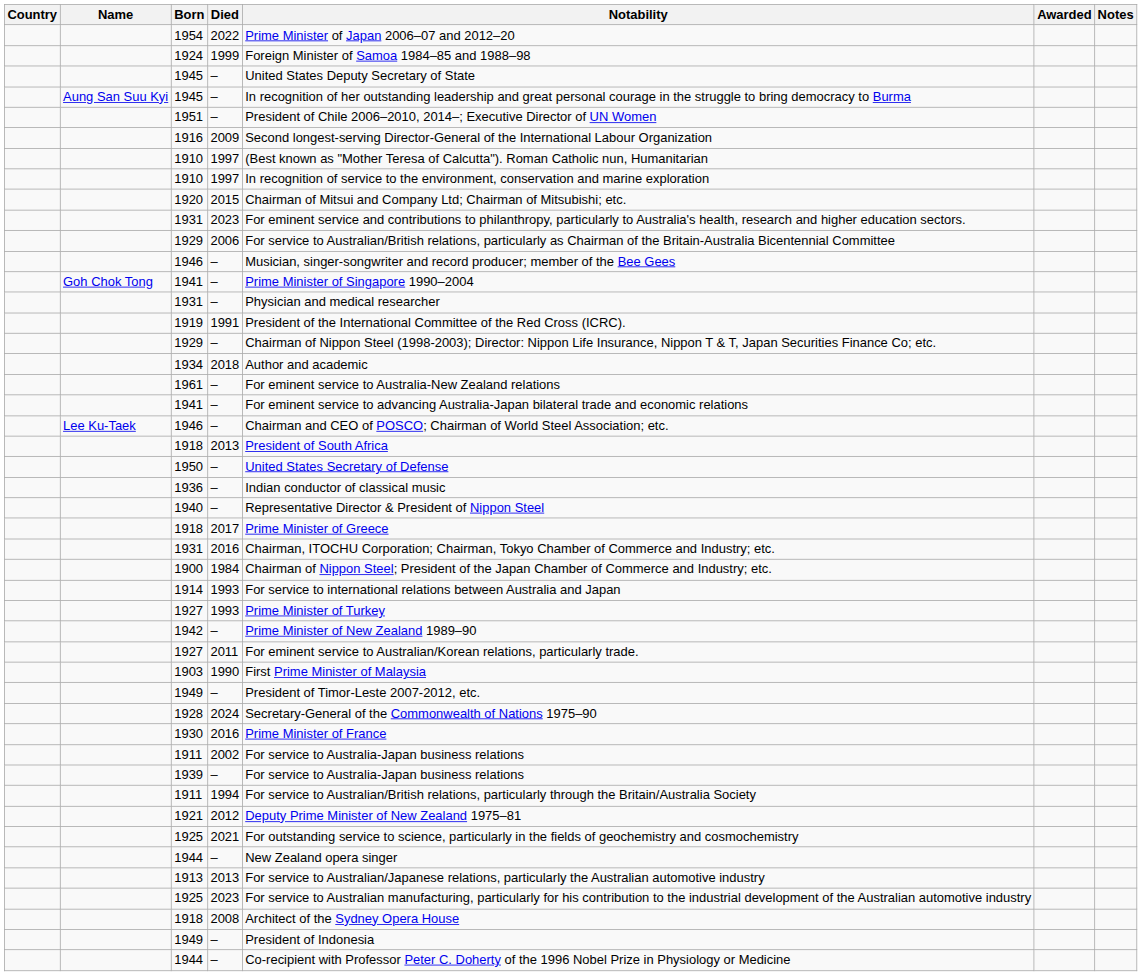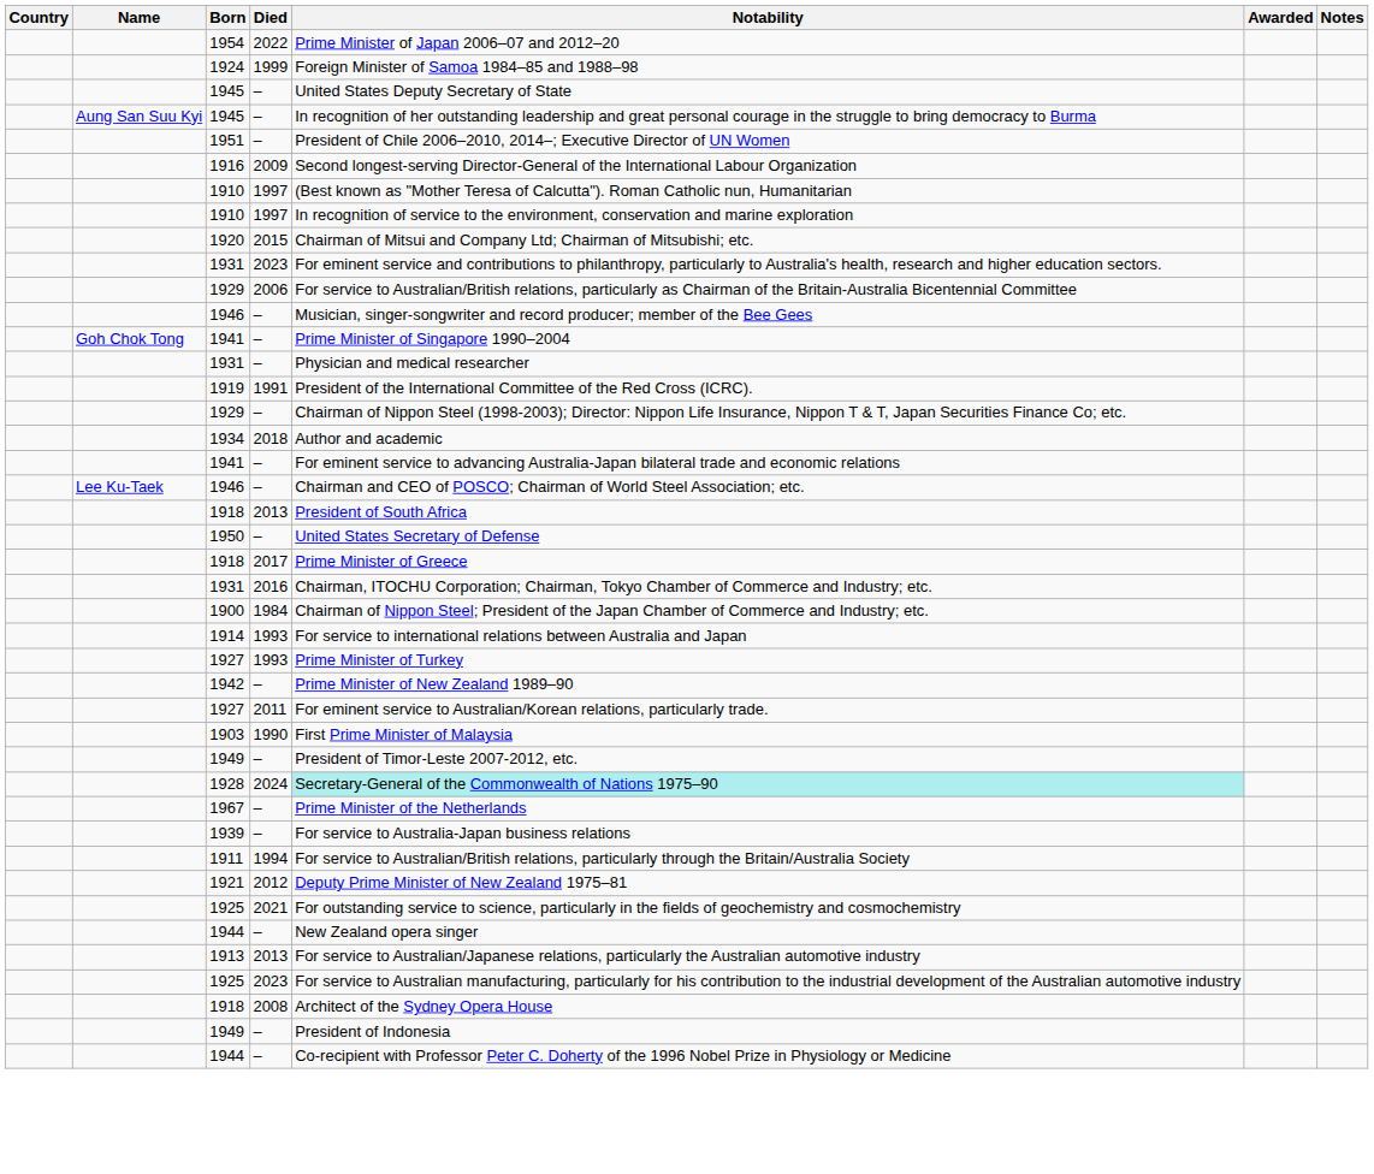 <table class="wikitable sortable" style="text-| align: left">
 <tr>
 <th>Country</th>
 <th>Name</th>
 <th>Born</th>
 <th>Died</th>
 <th class="unsortable">Notability</th>
 <th>Awarded</th>
 <th class="unsortable">Notes</th>
 </tr>
 <tr>
 <td align="center"></td>
 <td></td>
 <td>1954</td>
 <td>2022</td>
 <td><a href='#'>Prime Minister</a> of <a href='#'>Japan</a> 2006–07 and 2012–20</td>
 <td></td>
 <td></td>
 </tr>
 <tr>
 <td align="center"></td>
 <td></td>
 <td>1924</td>
 <td>1999</td>
 <td>Foreign Minister of <a href='#'>Samoa</a> 1984–85 and 1988–98</td>
 <td></td>
 <td></td>
 </tr>
 <tr>
 <td align="center"></td>
 <td></td>
 <td>1945</td>
 <td>–</td>
 <td>United States Deputy Secretary of State</td>
 <td></td>
 <td></td>
 </tr>
 <tr>
 <td align="center"></td>
 <td><a href='#'>Aung San Suu Kyi</a></td>
 <td>1945</td>
 <td>–</td>
 <td>In recognition of her outstanding leadership and great personal courage in the struggle to bring democracy to <a href='#'>Burma</a></td>
 <td></td>
 <td></td>
 </tr>
 <tr>
 <td align="center"></td>
 <td></td>
 <td>1951</td>
 <td>–</td>
 <td>President of Chile 2006–2010, 2014–; Executive Director of <a href='#'>UN Women</a></td>
 <td></td>
 <td></td>
 </tr>
 <tr>
 <td align="center"></td>
 <td></td>
 <td>1916</td>
 <td>2009</td>
 <td>Second longest-serving Director-General of the International Labour Organization</td>
 <td></td>
 <td></td>
 </tr>
 <tr>
 <td align="center"></td>
 <td></td>
 <td>1910</td>
 <td>1997</td>
 <td>(Best known as "Mother Teresa of Calcutta"). Roman Catholic nun, Humanitarian</td>
 <td></td>
 <td></td>
 </tr>
 <tr>
 <td align="center"></td>
 <td></td>
 <td>1910</td>
 <td>1997</td>
 <td>In recognition of service to the environment, conservation and marine exploration</td>
 <td></td>
 <td></td>
 </tr>
 <tr>
 <td align="center"></td>
 <td> </td>
 <td>1920</td>
 <td>2015</td>
 <td>Chairman of Mitsui and Company Ltd; Chairman of Mitsubishi; etc.</td>
 <td></td>
 <td></td>
 </tr>
 <tr>
 <td align="center"></td>
 <td></td>
 <td>1931</td>
 <td>2023</td>
 <td>For eminent service and contributions to philanthropy, particularly to Australia's health, research and higher education sectors.</td>
 <td></td>
 <td></td>
 </tr>
 <tr>
 <td align="center"></td>
 <td></td>
 <td>1929</td>
 <td>2006</td>
 <td>For service to Australian/British relations, particularly as Chairman of the Britain-Australia Bicentennial Committee</td>
 <td></td>
 <td></td>
 </tr>
 <tr>
 <td align="center"></td>
 <td></td>
 <td>1946</td>
 <td>–</td>
 <td>Musician, singer-songwriter and record producer; member of the <a href='#'>Bee Gees</a></td>
 <td></td>
 <td></td>
 </tr>
 <tr>
 <td align="center"></td>
 <td><a href='#'>Goh Chok Tong</a></td>
 <td>1941</td>
 <td>–</td>
 <td><a href='#'>Prime Minister of Singapore</a> 1990–2004</td>
 <td></td>
 <td></td>
 </tr>
 <tr>
 <td align="center"></td>
 <td></td>
 <td>1931</td>
 <td>–</td>
 <td>Physician and medical researcher</td>
 <td></td>
 <td></td>
 </tr>
 <tr>
 <td align="center"></td>
 <td></td>
 <td>1919</td>
 <td>1991</td>
 <td>President of the International Committee of the Red Cross (ICRC).</td>
 <td></td>
 <td></td>
 </tr>
 <tr>
 <td align="center"></td>
 <td> </td>
 <td>1929</td>
 <td>–</td>
 <td>Chairman of Nippon Steel (1998-2003); Director: Nippon Life Insurance, Nippon T & T, Japan Securities Finance Co; etc.</td>
 <td></td>
 <td></td>
 </tr>
 <tr>
 <td align="center"></td>
 <td></td>
 <td>1934</td>
 <td>2018</td>
 <td>Author and academic</td>
 <td></td>
 <td> </td>
 </tr>
 <tr>
 <td align="center"></td>
 <td></td>
-<td>1961</td>
-<td>–</td>
-<td>For eminent service to Australia-New Zealand relations</td>
-<td></td>
-<td></td>
-</tr>
-<tr>
-<td align="center"></td>
-<td></td>
 <td>1941</td>
 <td>–</td>
 <td>For eminent service to advancing Australia-Japan bilateral trade and economic relations</td>
 <td></td>
 <td> </td>
 </tr>
 <tr>
 <td align="center"></td>
 <td><a href='#'>Lee Ku-Taek</a></td>
 <td>1946</td>
 <td>–</td>
 <td>Chairman and CEO of <a href='#'>POSCO</a>; Chairman of World Steel Association; etc.</td>
 <td></td>
 <td></td>
 </tr>
 <tr>
 <td align="center"></td>
 <td></td>
 <td>1918</td>
 <td>2013</td>
 <td><a href='#'>President of South Africa</a></td>
 <td></td>
 <td></td>
 </tr>
 <tr>
 <td align="center"></td>
 <td></td>
 <td>1950</td>
 <td>–</td>
 <td><a href='#'>United States Secretary of Defense</a></td>
-<td></td>
-<td></td>
-</tr>
-<tr>
-<td align="center"></td>
-<td></td>
-<td>1936</td>
-<td>–</td>
-<td>Indian conductor of classical music</td>
-<td></td>
-<td></td>
-</tr>
-<tr>
-<td align="center"></td>
-<td></td>
-<td>1940</td>
-<td>–</td>
-<td>Representative Director & President of <a href='#'>Nippon Steel</a></td>
 <td></td>
 <td></td>
 </tr>
 <tr>
 <td align="center"></td>
 <td></td>
 <td>1918</td>
 <td>2017</td>
 <td><a href='#'>Prime Minister of Greece</a></td>
 <td></td>
 <td></td>
 </tr>
 <tr>
 <td align="center"></td>
 <td> </td>
 <td>1931</td>
 <td>2016</td>
 <td>Chairman, ITOCHU Corporation; Chairman, Tokyo Chamber of Commerce and Industry; etc.</td>
 <td></td>
 <td></td>
 </tr>
 <tr>
 <td align="center"></td>
 <td> </td>
 <td>1900</td>
 <td>1984</td>
 <td>Chairman of <a href='#'>Nippon Steel</a>; President of the Japan Chamber of Commerce and Industry; etc.</td>
 <td></td>
 <td></td>
 </tr>
 <tr>
 <td align="center"></td>
 <td></td>
 <td>1914</td>
 <td>1993</td>
 <td>For service to international relations between Australia and Japan</td>
 <td></td>
 <td></td>
 </tr>
 <tr>
 <td align="center"></td>
 <td></td>
 <td>1927</td>
 <td>1993</td>
 <td><a href='#'>Prime Minister of Turkey</a></td>
 <td></td>
 <td></td>
 </tr>
 <tr>
 <td align="center"></td>
 <td></td>
 <td>1942</td>
 <td>–</td>
 <td><a href='#'>Prime Minister of New Zealand</a> 1989–90</td>
 <td></td>
 <td></td>
 </tr>
 <tr>
 <td align="center"></td>
 <td></td>
 <td>1927</td>
 <td>2011</td>
 <td>For eminent service to Australian/Korean relations, particularly trade.</td>
 <td></td>
 <td></td>
 </tr>
 <tr>
 <td align="center"></td>
 <td></td>
 <td>1903</td>
 <td>1990</td>
 <td>First <a href='#'>Prime Minister of Malaysia</a></td>
 <td></td>
 <td></td>
 </tr>
 <tr>
 <td align="center"></td>
 <td></td>
 <td>1949</td>
 <td>–</td>
 <td>President of Timor-Leste 2007-2012, etc.</td>
 <td></td>
 <td></td>
 </tr>
 <tr>
 <td align="center"></td>
 <td></td>
 <td>1928</td>
 <td>2024</td>
-<td>Secretary-General of the <a href='#'>Commonwealth of Nations</a> 1975–90</td>
+<td style="background: paleturquoise;">Secretary-General of the <a href='#'>Commonwealth of Nations</a> 1975–90</td>
 <td></td>
 <td></td>
 </tr>
 <tr>
 <td align="center"></td>
 <td></td>
-<td>1930</td>
-<td>2016</td>
-<td><a href='#'>Prime Minister of France</a></td>
+<td>1967</td>
+<td>–</td>
+<td><a href='#'>Prime Minister of the Netherlands</a></td>
 <td></td>
-<td></td>
-</tr>
-<tr>
-<td align="center"></td>
 <td> </td>
-<td>1911</td>
-<td>2002</td>
-<td>For service to Australia-Japan business relations</td>
-<td></td>
-<td></td>
 </tr>
 <tr>
 <td align="center"></td>
 <td></td>
 <td>1939</td>
 <td>–</td>
 <td>For service to Australia-Japan business relations</td>
 <td></td>
 <td></td>
 </tr>
 <tr>
 <td align="center"></td>
 <td></td>
 <td>1911</td>
 <td>1994</td>
 <td>For service to Australian/British relations, particularly through the Britain/Australia Society</td>
 <td></td>
 <td></td>
 </tr>
 <tr>
 <td align="center"></td>
 <td></td>
 <td>1921</td>
 <td>2012</td>
 <td><a href='#'>Deputy Prime Minister of New Zealand</a> 1975–81</td>
 <td></td>
 <td></td>
 </tr>
 <tr>
 <td align="center"></td>
 <td></td>
 <td>1925</td>
 <td>2021</td>
 <td>For outstanding service to science, particularly in the fields of geochemistry and cosmochemistry</td>
 <td></td>
 <td></td>
 </tr>
 <tr>
 <td align="center"></td>
 <td></td>
 <td>1944</td>
 <td>–</td>
 <td>New Zealand opera singer</td>
 <td></td>
 <td></td>
 </tr>
 <tr>
 <td align="center"></td>
 <td></td>
 <td>1913</td>
 <td>2013</td>
 <td>For service to Australian/Japanese relations, particularly the Australian automotive industry</td>
 <td></td>
 <td></td>
 </tr>
 <tr>
 <td align="center"></td>
 <td></td>
 <td>1925</td>
 <td>2023</td>
 <td>For service to Australian manufacturing, particularly for his contribution to the industrial development of the Australian automotive industry</td>
 <td></td>
 <td></td>
 </tr>
 <tr>
 <td align="center"></td>
 <td></td>
 <td>1918</td>
 <td>2008</td>
 <td>Architect of the <a href='#'>Sydney Opera House</a></td>
 <td></td>
 <td></td>
 </tr>
 <tr>
 <td align="center"></td>
 <td></td>
 <td>1949</td>
 <td>–</td>
 <td>President of Indonesia</td>
 <td></td>
 <td></td>
 </tr>
 <tr>
 <td align="center"></td>
 <td></td>
 <td>1944</td>
 <td>–</td>
 <td>Co-recipient with Professor <a href='#'>Peter C. Doherty</a> of the 1996 Nobel Prize in Physiology or Medicine</td>
 <td></td>
 <td></td>
 </tr>
 </table>
